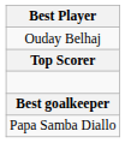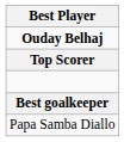 <table class="wikitable" style="margin:auto;text-align:center">
 <tr>
 <th>Best Player</th>
 </tr>
 <tr>
-<td> Ouday Belhaj</td>
+<td><strong> Ouday Belhaj</strong></td>
 </tr>
 <tr>
 <th>Top Scorer</th>
 </tr>
 <tr>
 <td> <br></td>
 </tr>
 <tr>
 <th>Best goalkeeper</th>
 </tr>
 <tr>
 <td> Papa Samba Diallo</td>
 </tr>
 </table>
